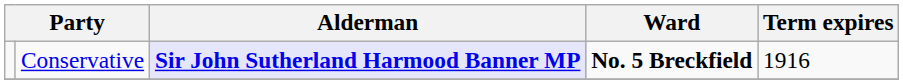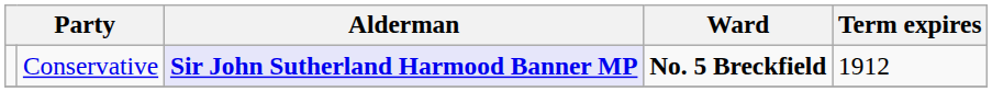 <table class="wikitable">
 <tr>
 <th colspan="2">Party</th>
 <th>Alderman</th>
 <th>Ward</th>
 <th>Term expires</th>
 </tr>
 <tr>
 <td style="background-color:"></td>
 <td><a href='#'>Conservative</a></td>
 <td style="background: lavender;"><strong><a href='#'>Sir John Sutherland Harmood Banner MP</a></strong></td>
 <td><strong>No. 5 Breckfield</strong></td>
-<td>1916</td>
+<td>1912</td>
 </tr>
 <tr>
 </tr>
 </table>
